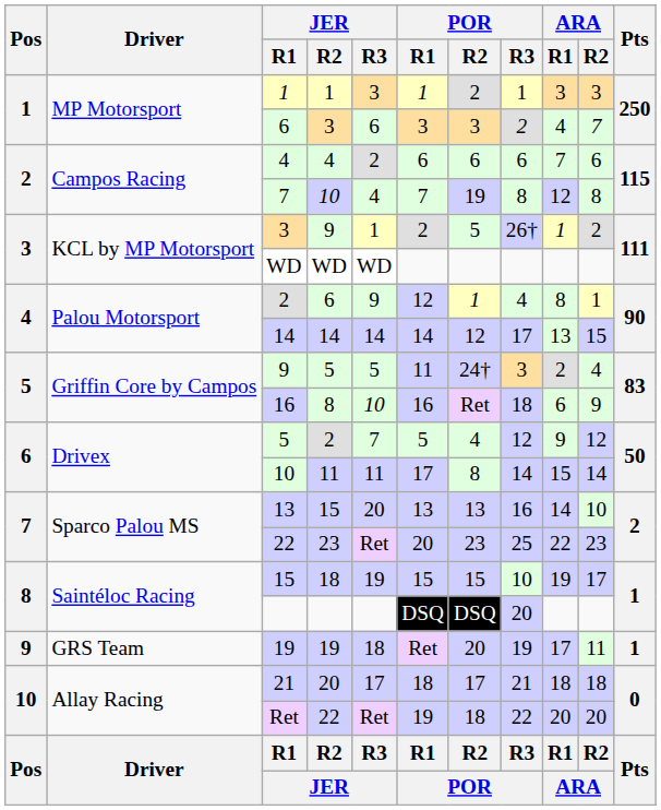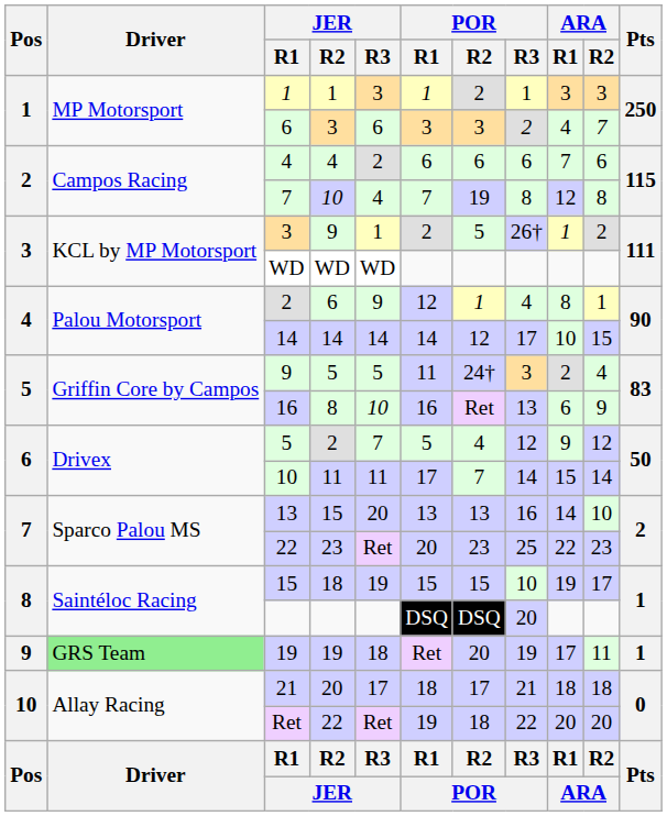 <table class="wikitable" style="font-size: 85%; text-align:center">
 <tr>
 <th rowspan="2">Pos</th>
 <th rowspan="2">Driver</th>
 <th colspan="3"><a href='#'>JER</a><br></th>
 <th colspan="3"><a href='#'>POR</a><br></th>
 <th colspan="2"><a href='#'>ARA</a><br></th>
 <th rowspan="2">Pts</th>
 </tr>
 <tr>
 <th>R1</th>
 <th>R2</th>
 <th>R3</th>
 <th>R1</th>
 <th>R2</th>
 <th>R3</th>
 <th>R1</th>
 <th>R2</th>
 </tr>
 <tr>
 <th rowspan="2">1</th>
 <td rowspan="2" align="left"> <a href='#'>MP Motorsport</a></td>
 <td style="background:#FFFFBF"><em>1</em></td>
 <td style="background:#FFFFBF">1</td>
 <td style="background:#FFDF9F">3</td>
 <td style="background:#FFFFBF"><em>1</em></td>
 <td style="background:#DFDFDF">2</td>
 <td style="background:#FFFFBF">1</td>
 <td style="background:#FFDF9F">3</td>
 <td style="background:#FFDF9F">3</td>
 <th rowspan="2">250</th>
 </tr>
 <tr>
 <td style="background:#DFFFDF">6</td>
 <td style="background:#FFDF9F">3</td>
 <td style="background:#DFFFDF">6</td>
 <td style="background:#FFDF9F">3</td>
 <td style="background:#FFDF9F">3</td>
 <td style="background:#DFDFDF"><em>2</em></td>
 <td style="background:#DFFFDF">4</td>
 <td style="background:#DFFFDF"><em>7</em></td>
 </tr>
 <tr>
 <th rowspan="2">2</th>
 <td rowspan="2" align="left"> <a href='#'>Campos Racing</a></td>
 <td style="background:#DFFFDF">4</td>
 <td style="background:#DFFFDF">4</td>
 <td style="background:#DFDFDF">2</td>
 <td style="background:#DFFFDF">6</td>
 <td style="background:#DFFFDF">6</td>
 <td style="background:#DFFFDF">6</td>
 <td style="background:#DFFFDF">7</td>
 <td style="background:#DFFFDF">6</td>
 <th rowspan="2">115</th>
 </tr>
 <tr>
 <td style="background:#DFFFDF">7</td>
 <td style="background:#CFCFFF"><em>10</em></td>
 <td style="background:#DFFFDF">4</td>
 <td style="background:#DFFFDF">7</td>
 <td style="background:#CFCFFF">19</td>
 <td style="background:#DFFFDF">8</td>
 <td style="background:#CFCFFF">12</td>
 <td style="background:#DFFFDF">8</td>
 </tr>
 <tr>
 <th rowspan="2">3</th>
 <td rowspan="2" align="left"> KCL by <a href='#'>MP Motorsport</a></td>
 <td style="background:#FFDF9F">3</td>
 <td style="background:#DFFFDF">9</td>
 <td style="background:#FFFFBF">1</td>
 <td style="background:#DFDFDF">2</td>
 <td style="background:#DFFFDF">5</td>
 <td style="background:#CFCFFF">26†</td>
 <td style="background:#FFFFBF"><em>1</em></td>
 <td style="background:#DFDFDF">2</td>
 <th rowspan="2">111</th>
 </tr>
 <tr>
 <td style="background:#FFFFFF">WD</td>
 <td style="background:#FFFFFF">WD</td>
 <td style="background:#FFFFFF">WD</td>
 <td></td>
 <td></td>
 <td></td>
 <td></td>
 <td></td>
 </tr>
 <tr>
 <th rowspan="2">4</th>
 <td rowspan="2"  align="left"> <a href='#'>Palou Motorsport</a></td>
 <td style="background:#DFDFDF">2</td>
 <td style="background:#DFFFDF">6</td>
 <td style="background:#DFFFDF">9</td>
 <td style="background:#CFCFFF">12</td>
 <td style="background:#FFFFBF"><em>1</em></td>
 <td style="background:#DFFFDF">4</td>
 <td style="background:#DFFFDF">8</td>
 <td style="background:#FFFFBF">1</td>
 <th rowspan="2">90</th>
 </tr>
 <tr>
 <td style="background:#CFCFFF">14</td>
 <td style="background:#CFCFFF">14</td>
 <td style="background:#CFCFFF">14</td>
 <td style="background:#CFCFFF">14</td>
 <td style="background:#CFCFFF">12</td>
 <td style="background:#CFCFFF">17</td>
-<td style="background:#DFFFDF">13</td>
+<td style="background:#DFFFDF">10</td>
 <td style="background:#CFCFFF">15</td>
 </tr>
 <tr>
 <th rowspan="2">5</th>
 <td rowspan="2"  align="left"> <a href='#'>Griffin Core by Campos</a></td>
 <td style="background:#DFFFDF">9</td>
 <td style="background:#DFFFDF">5</td>
 <td style="background:#DFFFDF">5</td>
 <td style="background:#CFCFFF">11</td>
 <td style="background:#CFCFFF">24†</td>
 <td style="background:#FFDF9F">3</td>
 <td style="background:#DFDFDF">2</td>
 <td style="background:#DFFFDF">4</td>
 <th rowspan="2">83</th>
 </tr>
 <tr>
 <td style="background:#CFCFFF">16</td>
 <td style="background:#DFFFDF">8</td>
 <td style="background:#DFFFDF"><em>10</em></td>
 <td style="background:#CFCFFF">16</td>
 <td style="background:#EFCFFF">Ret</td>
-<td style="background:#CFCFFF">18</td>
+<td style="background:#CFCFFF">13</td>
 <td style="background:#DFFFDF">6</td>
 <td style="background:#DFFFDF">9</td>
 </tr>
 <tr>
 <th rowspan="2">6</th>
 <td rowspan="2" align="left"> <a href='#'>Drivex</a></td>
 <td style="background:#DFFFDF">5</td>
 <td style="background:#DFDFDF">2</td>
 <td style="background:#DFFFDF">7</td>
 <td style="background:#DFFFDF">5</td>
 <td style="background:#DFFFDF">4</td>
 <td style="background:#CFCFFF">12</td>
 <td style="background:#DFFFDF">9</td>
 <td style="background:#CFCFFF">12</td>
 <th rowspan="2">50</th>
 </tr>
 <tr>
 <td style="background:#DFFFDF">10</td>
 <td style="background:#CFCFFF">11</td>
 <td style="background:#CFCFFF">11</td>
 <td style="background:#CFCFFF">17</td>
-<td style="background:#DFFFDF">8</td>
+<td style="background:#DFFFDF">7</td>
 <td style="background:#CFCFFF">14</td>
 <td style="background:#CFCFFF">15</td>
 <td style="background:#CFCFFF">14</td>
 </tr>
 <tr>
 <th rowspan="2">7</th>
 <td rowspan="2" align="left"> Sparco <a href='#'>Palou</a> MS</td>
 <td style="background:#CFCFFF">13</td>
 <td style="background:#CFCFFF">15</td>
 <td style="background:#CFCFFF">20</td>
 <td style="background:#CFCFFF">13</td>
 <td style="background:#CFCFFF">13</td>
 <td style="background:#CFCFFF">16</td>
 <td style="background:#CFCFFF">14</td>
 <td style="background:#DFFFDF">10</td>
 <th rowspan="2">2</th>
 </tr>
 <tr>
 <td style="background:#CFCFFF">22</td>
 <td style="background:#CFCFFF">23</td>
 <td style="background:#EFCFFF">Ret</td>
 <td style="background:#CFCFFF">20</td>
 <td style="background:#CFCFFF">23</td>
 <td style="background:#CFCFFF">25</td>
 <td style="background:#CFCFFF">22</td>
 <td style="background:#CFCFFF">23</td>
 </tr>
 <tr>
 <th rowspan="2">8</th>
 <td rowspan="2" align="left"> <a href='#'>Saintéloc Racing</a></td>
 <td style="background:#CFCFFF">15</td>
 <td style="background:#CFCFFF">18</td>
 <td style="background:#CFCFFF">19</td>
 <td style="background:#CFCFFF">15</td>
 <td style="background:#CFCFFF">15</td>
 <td style="background:#DFFFDF">10</td>
 <td style="background:#CFCFFF">19</td>
 <td style="background:#CFCFFF">17</td>
 <th rowspan="2">1</th>
 </tr>
 <tr>
 <td></td>
 <td></td>
 <td></td>
 <td style="background:#000000;color:white">DSQ</td>
 <td style="background:#000000;color:white">DSQ</td>
 <td style="background:#CFCFFF">20</td>
 <td></td>
 <td></td>
 </tr>
 <tr>
 <th>9</th>
-<td align="left"> GRS Team</td>
+<td align="left" style="background: lightgreen;"> GRS Team</td>
 <td style="background:#CFCFFF">19</td>
 <td style="background:#CFCFFF">19</td>
 <td style="background:#CFCFFF">18</td>
 <td style="background:#EFCFFF">Ret</td>
 <td style="background:#CFCFFF">20</td>
 <td style="background:#CFCFFF">19</td>
 <td style="background:#CFCFFF">17</td>
 <td style="background:#DFFFDF">11</td>
 <th>1</th>
 </tr>
 <tr>
 <th rowspan="2">10</th>
 <td rowspan="2" align="left"> Allay Racing</td>
 <td style="background:#CFCFFF">21</td>
 <td style="background:#CFCFFF">20</td>
 <td style="background:#CFCFFF">17</td>
 <td style="background:#CFCFFF">18</td>
 <td style="background:#CFCFFF">17</td>
 <td style="background:#CFCFFF">21</td>
 <td style="background:#CFCFFF">18</td>
 <td style="background:#CFCFFF">18</td>
 <th rowspan="2">0</th>
 </tr>
 <tr>
 <td style="background:#EFCFFF">Ret</td>
 <td style="background:#CFCFFF">22</td>
 <td style="background:#EFCFFF">Ret</td>
 <td style="background:#CFCFFF">19</td>
 <td style="background:#CFCFFF">18</td>
 <td style="background:#CFCFFF">22</td>
 <td style="background:#CFCFFF">20</td>
 <td style="background:#CFCFFF">20</td>
 </tr>
 <tr>
 <th rowspan="2">Pos</th>
 <th rowspan="2">Driver</th>
 <th>R1</th>
 <th>R2</th>
 <th>R3</th>
 <th>R1</th>
 <th>R2</th>
 <th>R3</th>
 <th>R1</th>
 <th>R2</th>
 <th rowspan="2">Pts</th>
 </tr>
 <tr>
 <th colspan="3"><a href='#'>JER</a><br></th>
 <th colspan="3"><a href='#'>POR</a><br></th>
 <th colspan="2"><a href='#'>ARA</a><br></th>
 </tr>
 </table>
